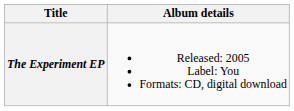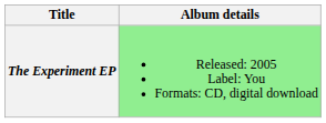 <table class="wikitable plainrowheaders" style="text-align:center;">
 <tr>
 <th scope="col">Title</th>
 <th scope="col">Album details</th>
 </tr>
 <tr>
 <th scope="row"><em>The Experiment EP</em></th>
-<td><br><ul><li>Released: 2005</li><li>Label: You</li><li>Formats: CD, digital download</li></ul></td>
+<td style="background: lightgreen;"><br><ul><li>Released: 2005</li><li>Label: You</li><li>Formats: CD, digital download</li></ul></td>
 </tr>
 </table>
